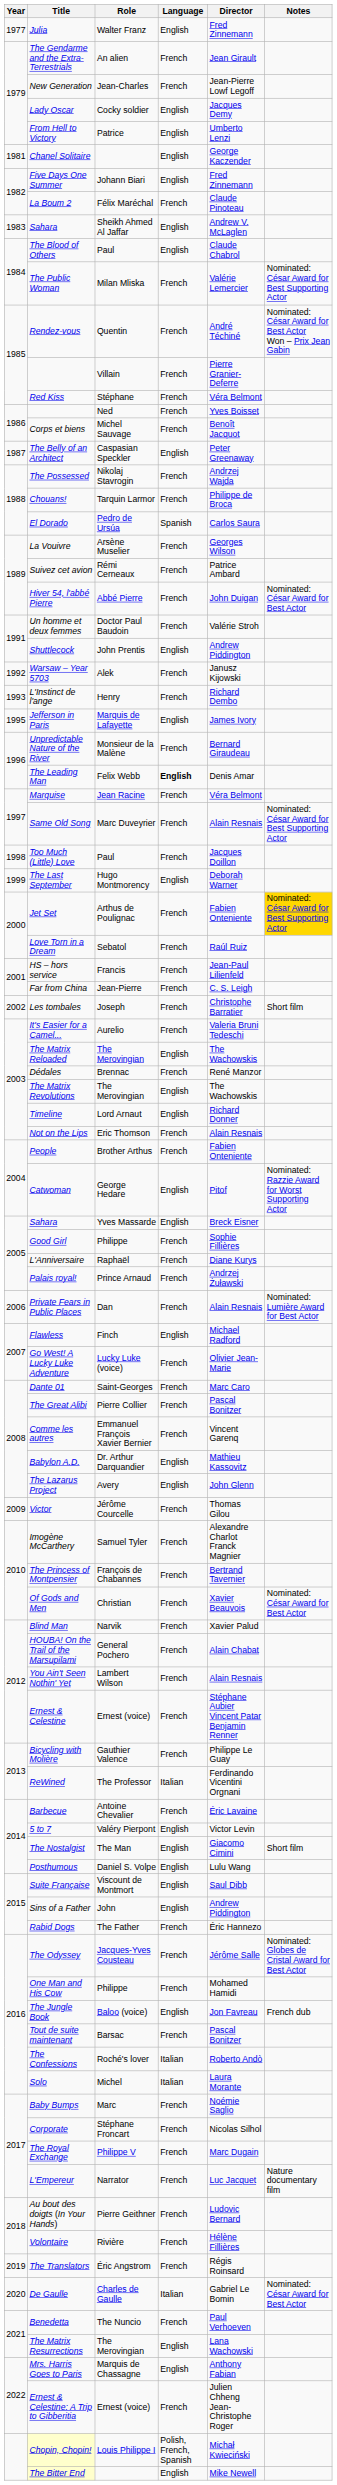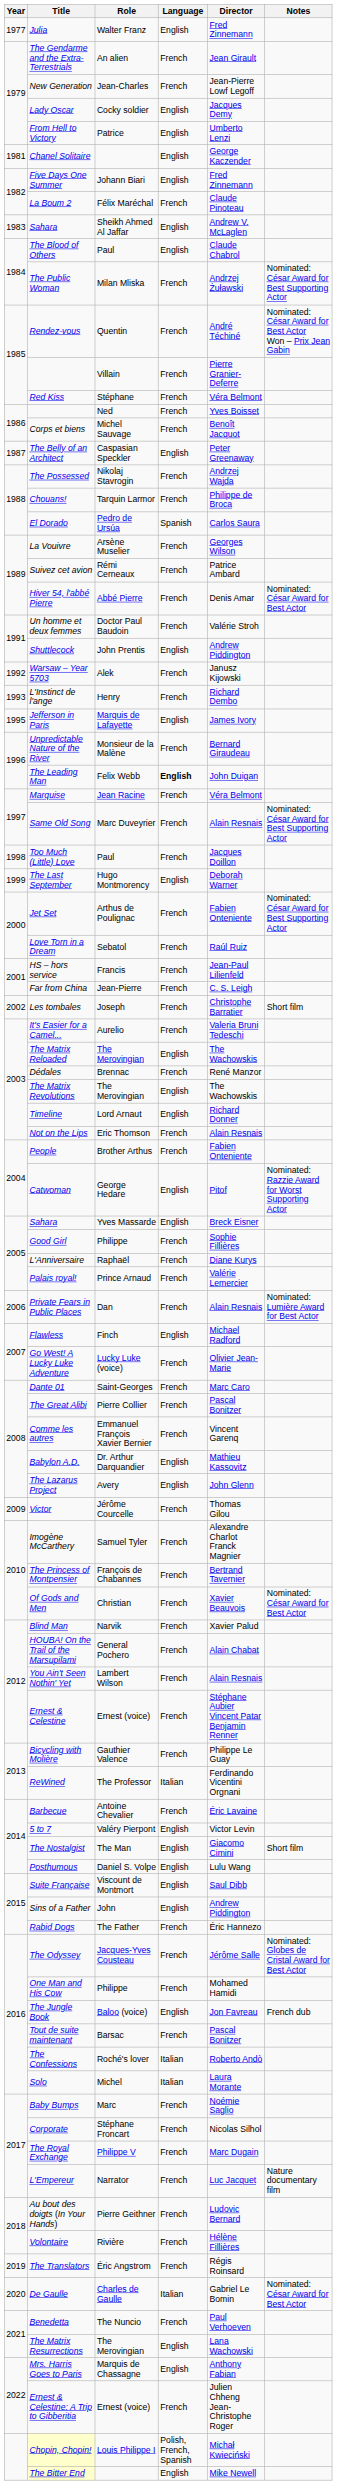 <table class="wikitable sortable">
 <tr>
 <th>Year</th>
 <th>Title</th>
 <th>Role</th>
 <th>Language</th>
 <th>Director</th>
 <th class="unsortable">Notes</th>
 </tr>
 <tr>
 <td rowspan=1>1977</td>
 <td><em><a href='#'>Julia</a></em></td>
 <td>Walter Franz</td>
 <td>English</td>
 <td><a href='#'>Fred Zinnemann</a></td>
 <td></td>
 </tr>
 <tr>
 <td rowspan=4>1979</td>
 <td><em><a href='#'>The Gendarme and the Extra-Terrestrials</a></em></td>
 <td>An alien</td>
 <td>French</td>
 <td><a href='#'>Jean Girault</a></td>
 <td></td>
 </tr>
 <tr>
 <td><em>New Generation</em></td>
 <td>Jean-Charles</td>
 <td>French</td>
 <td>Jean-Pierre Lowf Legoff</td>
 <td></td>
 </tr>
 <tr>
 <td><em><a href='#'>Lady Oscar</a></em></td>
 <td>Cocky soldier</td>
 <td>English</td>
 <td><a href='#'>Jacques Demy</a></td>
 <td></td>
 </tr>
 <tr>
 <td><em><a href='#'>From Hell to Victory</a></em></td>
 <td>Patrice</td>
 <td>English</td>
 <td><a href='#'>Umberto Lenzi</a></td>
 <td></td>
 </tr>
 <tr>
 <td>1981</td>
 <td><em><a href='#'>Chanel Solitaire</a></em></td>
 <td></td>
 <td>English</td>
 <td><a href='#'>George Kaczender</a></td>
 <td></td>
 </tr>
 <tr>
 <td rowspan=2>1982</td>
 <td><em><a href='#'>Five Days One Summer</a></em></td>
 <td>Johann Biari</td>
 <td>English</td>
 <td><a href='#'>Fred Zinnemann</a></td>
 <td></td>
 </tr>
 <tr>
 <td><em><a href='#'>La Boum 2</a></em></td>
 <td>Félix Maréchal</td>
 <td>French</td>
 <td><a href='#'>Claude Pinoteau</a></td>
 <td></td>
 </tr>
 <tr>
 <td>1983</td>
 <td><em><a href='#'>Sahara</a></em></td>
 <td>Sheikh Ahmed Al Jaffar</td>
 <td>English</td>
 <td><a href='#'>Andrew V. McLaglen</a></td>
 <td></td>
 </tr>
 <tr>
 <td rowspan=2>1984</td>
 <td><em><a href='#'>The Blood of Others</a></em></td>
 <td>Paul</td>
 <td>English</td>
 <td><a href='#'>Claude Chabrol</a></td>
 <td></td>
 </tr>
 <tr>
 <td><em><a href='#'>The Public Woman</a></em></td>
 <td>Milan Mliska</td>
 <td>French</td>
-<td><a href='#'>Valérie Lemercier</a></td>
+<td><a href='#'>Andrzej Żuławski</a></td>
 <td>Nominated: <a href='#'>César Award for Best Supporting Actor</a></td>
 </tr>
 <tr>
 <td rowspan=3>1985</td>
 <td><em><a href='#'>Rendez-vous</a></em></td>
 <td>Quentin</td>
 <td>French</td>
 <td><a href='#'>André Téchiné</a></td>
 <td>Nominated: <a href='#'>César Award for Best Actor</a><br>Won – <a href='#'>Prix Jean Gabin</a></td>
 </tr>
 <tr>
 <td><em></em></td>
 <td>Villain</td>
 <td>French</td>
 <td><a href='#'>Pierre Granier-Deferre</a></td>
 <td></td>
 </tr>
 <tr>
 <td><em><a href='#'>Red Kiss</a></em></td>
 <td>Stéphane</td>
 <td>French</td>
 <td><a href='#'>Véra Belmont</a></td>
 <td></td>
 </tr>
 <tr>
 <td rowspan=2>1986</td>
 <td><em></em></td>
 <td>Ned</td>
 <td>French</td>
 <td><a href='#'>Yves Boisset</a></td>
 <td></td>
 </tr>
 <tr>
 <td><em>Corps et biens</em></td>
 <td>Michel Sauvage</td>
 <td>French</td>
 <td><a href='#'>Benoît Jacquot</a></td>
 <td></td>
 </tr>
 <tr>
 <td rowspan=1>1987</td>
 <td><em><a href='#'>The Belly of an Architect</a></em></td>
 <td>Caspasian Speckler</td>
 <td>English</td>
 <td><a href='#'>Peter Greenaway</a></td>
 <td></td>
 </tr>
 <tr>
 <td rowspan=3>1988</td>
 <td><em><a href='#'>The Possessed</a></em></td>
 <td>Nikolaj Stavrogin</td>
 <td>French</td>
 <td><a href='#'>Andrzej Wajda</a></td>
 <td></td>
 </tr>
 <tr>
 <td><em><a href='#'>Chouans!</a></em></td>
 <td>Tarquin Larmor</td>
 <td>French</td>
 <td><a href='#'>Philippe de Broca</a></td>
 <td></td>
 </tr>
 <tr>
 <td><em><a href='#'>El Dorado</a></em></td>
 <td><a href='#'>Pedro de Ursúa</a></td>
 <td>Spanish</td>
 <td><a href='#'>Carlos Saura</a></td>
 <td></td>
 </tr>
 <tr>
 <td rowspan=3>1989</td>
 <td><em>La Vouivre</em></td>
 <td>Arsène Muselier</td>
 <td>French</td>
 <td><a href='#'>Georges Wilson</a></td>
 <td></td>
 </tr>
 <tr>
 <td><em>Suivez cet avion</em></td>
 <td>Rémi Cerneaux</td>
 <td>French</td>
 <td>Patrice Ambard</td>
 <td></td>
 </tr>
 <tr>
 <td><em><a href='#'>Hiver 54, l'abbé Pierre</a></em></td>
 <td><a href='#'>Abbé Pierre</a></td>
 <td>French</td>
-<td><a href='#'>John Duigan</a></td>
+<td>Denis Amar</td>
 <td>Nominated: <a href='#'>César Award for Best Actor</a></td>
 </tr>
 <tr>
 <td rowspan=2>1991</td>
 <td><em>Un homme et deux femmes</em></td>
 <td>Doctor Paul Baudoin</td>
 <td>French</td>
 <td>Valérie Stroh</td>
 <td></td>
 </tr>
 <tr>
 <td><em><a href='#'>Shuttlecock</a></em></td>
 <td>John Prentis</td>
 <td>English</td>
 <td><a href='#'>Andrew Piddington</a></td>
 <td></td>
 </tr>
 <tr>
 <td>1992</td>
 <td><em><a href='#'>Warsaw – Year 5703</a></em></td>
 <td>Alek</td>
 <td>French</td>
 <td>Janusz Kijowski</td>
 <td></td>
 </tr>
 <tr>
 <td rowspan=1>1993</td>
 <td><em>L'Instinct de l'ange</em></td>
 <td>Henry</td>
 <td>French</td>
 <td><a href='#'>Richard Dembo</a></td>
 <td></td>
 </tr>
 <tr>
 <td>1995</td>
 <td><em><a href='#'>Jefferson in Paris</a></em></td>
 <td><a href='#'>Marquis de Lafayette</a></td>
 <td>English</td>
 <td><a href='#'>James Ivory</a></td>
 <td></td>
 </tr>
 <tr>
 <td rowspan=2>1996</td>
 <td><em><a href='#'>Unpredictable Nature of the River</a></em></td>
 <td>Monsieur de la Malène</td>
 <td>French</td>
 <td><a href='#'>Bernard Giraudeau</a></td>
 <td></td>
 </tr>
 <tr>
 <td><em><a href='#'>The Leading Man</a></em></td>
 <td>Felix Webb</td>
 <td><strong>English</strong></td>
-<td>Denis Amar</td>
+<td><a href='#'>John Duigan</a></td>
 <td></td>
 </tr>
 <tr>
 <td rowspan=2>1997</td>
 <td><em><a href='#'>Marquise</a></em></td>
 <td><a href='#'>Jean Racine</a></td>
 <td>French</td>
 <td><a href='#'>Véra Belmont</a></td>
 <td></td>
 </tr>
 <tr>
 <td><em><a href='#'>Same Old Song</a></em></td>
 <td>Marc Duveyrier</td>
 <td>French</td>
 <td><a href='#'>Alain Resnais</a></td>
 <td>Nominated: <a href='#'>César Award for Best Supporting Actor</a></td>
 </tr>
 <tr>
 <td rowspan=1>1998</td>
 <td><em><a href='#'>Too Much (Little) Love</a></em></td>
 <td>Paul</td>
 <td>French</td>
 <td><a href='#'>Jacques Doillon</a></td>
 <td></td>
 </tr>
 <tr>
 <td rowspan=1>1999</td>
 <td><em><a href='#'>The Last September</a></em></td>
 <td>Hugo Montmorency</td>
 <td>English</td>
 <td><a href='#'>Deborah Warner</a></td>
 <td></td>
 </tr>
 <tr>
 <td rowspan=2>2000</td>
 <td><em><a href='#'>Jet Set</a></em></td>
 <td>Arthus de Poulignac</td>
 <td>French</td>
 <td><a href='#'>Fabien Onteniente</a></td>
-<td style="background: gold;">Nominated: <a href='#'>César Award for Best Supporting Actor</a></td>
+<td>Nominated: <a href='#'>César Award for Best Supporting Actor</a></td>
 </tr>
 <tr>
 <td><em><a href='#'>Love Torn in a Dream</a></em></td>
 <td>Sebatol</td>
 <td>French</td>
 <td><a href='#'>Raúl Ruiz</a></td>
 <td></td>
 </tr>
 <tr>
 <td rowspan=2>2001</td>
 <td><em>HS – hors service</em></td>
 <td>Francis</td>
 <td>French</td>
 <td><a href='#'>Jean-Paul Lilienfeld</a></td>
 <td></td>
 </tr>
 <tr>
 <td><em>Far from China</em></td>
 <td>Jean-Pierre</td>
 <td>French</td>
 <td><a href='#'>C. S. Leigh</a></td>
 <td></td>
 </tr>
 <tr>
 <td rowspan=1>2002</td>
 <td><em>Les tombales</em></td>
 <td>Joseph</td>
 <td>French</td>
 <td><a href='#'>Christophe Barratier</a></td>
 <td>Short film</td>
 </tr>
 <tr>
 <td rowspan=6>2003</td>
 <td><em><a href='#'>It's Easier for a Camel...</a></em></td>
 <td>Aurelio</td>
 <td>French</td>
 <td><a href='#'>Valeria Bruni Tedeschi</a></td>
 <td></td>
 </tr>
 <tr>
 <td><em><a href='#'>The Matrix Reloaded</a></em></td>
 <td><a href='#'>The Merovingian</a></td>
 <td>English</td>
 <td><a href='#'>The Wachowskis</a></td>
 <td></td>
 </tr>
 <tr>
 <td><em>Dédales</em></td>
 <td>Brennac</td>
 <td>French</td>
 <td>René Manzor</td>
 <td></td>
 </tr>
 <tr>
 <td><em><a href='#'>The Matrix Revolutions</a></em></td>
 <td>The Merovingian</td>
 <td>English</td>
 <td>The Wachowskis</td>
 <td></td>
 </tr>
 <tr>
 <td><em><a href='#'>Timeline</a></em></td>
 <td>Lord Arnaut</td>
 <td>English</td>
 <td><a href='#'>Richard Donner</a></td>
 <td></td>
 </tr>
 <tr>
 <td><em><a href='#'>Not on the Lips</a></em></td>
 <td>Eric Thomson</td>
 <td>French</td>
 <td><a href='#'>Alain Resnais</a></td>
 <td></td>
 </tr>
 <tr>
 <td rowspan=2>2004</td>
 <td><em><a href='#'>People</a></em></td>
 <td>Brother Arthus</td>
 <td>French</td>
 <td><a href='#'>Fabien Onteniente</a></td>
 <td></td>
 </tr>
 <tr>
 <td><em><a href='#'>Catwoman</a></em></td>
 <td>George Hedare</td>
 <td>English</td>
 <td><a href='#'>Pitof</a></td>
 <td>Nominated: <a href='#'>Razzie Award for Worst Supporting Actor</a></td>
 </tr>
 <tr>
 <td rowspan=4>2005</td>
 <td><em><a href='#'>Sahara</a></em></td>
 <td>Yves Massarde</td>
 <td>English</td>
 <td><a href='#'>Breck Eisner</a></td>
 <td></td>
 </tr>
 <tr>
 <td><em><a href='#'>Good Girl</a></em></td>
 <td>Philippe</td>
 <td>French</td>
 <td><a href='#'>Sophie Fillières</a></td>
 <td></td>
 </tr>
 <tr>
 <td><em>L'Anniversaire</em></td>
 <td>Raphaël</td>
 <td>French</td>
 <td><a href='#'>Diane Kurys</a></td>
 <td></td>
 </tr>
 <tr>
 <td><em><a href='#'>Palais royal!</a></em></td>
 <td>Prince Arnaud</td>
 <td>French</td>
-<td><a href='#'>Andrzej Żuławski</a></td>
+<td><a href='#'>Valérie Lemercier</a></td>
 <td></td>
 </tr>
 <tr>
 <td rowspan=1>2006</td>
 <td><em><a href='#'>Private Fears in Public Places</a></em></td>
 <td>Dan</td>
 <td>French</td>
 <td><a href='#'>Alain Resnais</a></td>
 <td>Nominated: <a href='#'>Lumière Award for Best Actor</a></td>
 </tr>
 <tr>
 <td rowspan=2>2007</td>
 <td><em><a href='#'>Flawless</a></em></td>
 <td>Finch</td>
 <td>English</td>
 <td><a href='#'>Michael Radford</a></td>
 <td></td>
 </tr>
 <tr>
 <td><em><a href='#'>Go West! A Lucky Luke Adventure</a></em></td>
 <td><a href='#'>Lucky Luke</a> (voice)</td>
 <td>French</td>
 <td><a href='#'>Olivier Jean-Marie</a></td>
 <td></td>
 </tr>
 <tr>
 <td rowspan=5>2008</td>
 <td><em><a href='#'>Dante 01</a></em></td>
 <td>Saint-Georges</td>
 <td>French</td>
 <td><a href='#'>Marc Caro</a></td>
 <td></td>
 </tr>
 <tr>
 <td><em><a href='#'>The Great Alibi</a></em></td>
 <td>Pierre Collier</td>
 <td>French</td>
 <td><a href='#'>Pascal Bonitzer</a></td>
 <td></td>
 </tr>
 <tr>
 <td><em><a href='#'>Comme les autres</a></em></td>
 <td>Emmanuel François Xavier Bernier</td>
 <td>French</td>
 <td>Vincent Garenq</td>
 <td></td>
 </tr>
 <tr>
 <td><em><a href='#'>Babylon A.D.</a></em></td>
 <td>Dr. Arthur Darquandier</td>
 <td>English</td>
 <td><a href='#'>Mathieu Kassovitz</a></td>
 <td></td>
 </tr>
 <tr>
 <td><em><a href='#'>The Lazarus Project</a></em></td>
 <td>Avery</td>
 <td>English</td>
 <td><a href='#'>John Glenn</a></td>
 <td></td>
 </tr>
 <tr>
 <td>2009</td>
 <td><em><a href='#'>Victor</a></em></td>
 <td>Jérôme Courcelle</td>
 <td>French</td>
 <td>Thomas Gilou</td>
 <td></td>
 </tr>
 <tr>
 <td rowspan=3>2010</td>
 <td><em>Imogène McCarthery</em></td>
 <td>Samuel Tyler</td>
 <td>French</td>
 <td>Alexandre Charlot<br>Franck Magnier</td>
 <td></td>
 </tr>
 <tr>
 <td><em><a href='#'>The Princess of Montpensier</a></em></td>
 <td>François de Chabannes</td>
 <td>French</td>
 <td><a href='#'>Bertrand Tavernier</a></td>
 <td></td>
 </tr>
 <tr>
 <td><em><a href='#'>Of Gods and Men</a></em></td>
 <td>Christian</td>
 <td>French</td>
 <td><a href='#'>Xavier Beauvois</a></td>
 <td>Nominated: <a href='#'>César Award for Best Actor</a></td>
 </tr>
 <tr>
 <td rowspan=4>2012</td>
 <td><em><a href='#'>Blind Man</a></em></td>
 <td>Narvik</td>
 <td>French</td>
 <td>Xavier Palud</td>
 <td></td>
 </tr>
 <tr>
 <td><em><a href='#'>HOUBA! On the Trail of the Marsupilami</a></em></td>
 <td>General Pochero</td>
 <td>French</td>
 <td><a href='#'>Alain Chabat</a></td>
 <td></td>
 </tr>
 <tr>
 <td><em><a href='#'>You Ain't Seen Nothin' Yet</a></em></td>
 <td>Lambert Wilson</td>
 <td>French</td>
 <td><a href='#'>Alain Resnais</a></td>
 <td></td>
 </tr>
 <tr>
 <td><em><a href='#'>Ernest & Celestine</a></em></td>
 <td>Ernest (voice)</td>
 <td>French</td>
 <td><a href='#'>Stéphane Aubier</a><br><a href='#'>Vincent Patar</a><br><a href='#'>Benjamin Renner</a></td>
 <td></td>
 </tr>
 <tr>
 <td rowspan=2>2013</td>
 <td><em><a href='#'>Bicycling with Molière</a></em></td>
 <td>Gauthier Valence</td>
 <td>French</td>
 <td>Philippe Le Guay</td>
 <td></td>
 </tr>
 <tr>
 <td><em><a href='#'>ReWined</a></em></td>
 <td>The Professor</td>
 <td>Italian</td>
 <td>Ferdinando Vicentini Orgnani</td>
 <td></td>
 </tr>
 <tr>
 <td rowspan=4>2014</td>
 <td><em><a href='#'>Barbecue</a></em></td>
 <td>Antoine Chevalier</td>
 <td>French</td>
 <td><a href='#'>Éric Lavaine</a></td>
 <td></td>
 </tr>
 <tr>
 <td><em><a href='#'>5 to 7</a></em></td>
 <td>Valéry Pierpont</td>
 <td>English</td>
 <td>Victor Levin</td>
 <td></td>
 </tr>
 <tr>
 <td><em><a href='#'>The Nostalgist</a></em></td>
 <td>The Man</td>
 <td>English</td>
 <td><a href='#'>Giacomo Cimini</a></td>
 <td>Short film</td>
 </tr>
 <tr>
 <td><em><a href='#'>Posthumous</a></em></td>
 <td>Daniel S. Volpe</td>
 <td>English</td>
 <td>Lulu Wang</td>
 <td></td>
 </tr>
 <tr>
 <td rowspan=3>2015</td>
 <td><em><a href='#'>Suite Française</a></em></td>
 <td>Viscount de Montmort</td>
 <td>English</td>
 <td><a href='#'>Saul Dibb</a></td>
 <td></td>
 </tr>
 <tr>
 <td><em>Sins of a Father</em></td>
 <td>John</td>
 <td>English</td>
 <td><a href='#'>Andrew Piddington</a></td>
 <td></td>
 </tr>
 <tr>
 <td><em><a href='#'>Rabid Dogs</a></em></td>
 <td>The Father</td>
 <td>French</td>
 <td>Éric Hannezo</td>
 <td></td>
 </tr>
 <tr>
 <td rowspan=6>2016</td>
 <td><em><a href='#'>The Odyssey</a></em></td>
 <td><a href='#'>Jacques-Yves Cousteau</a></td>
 <td>French</td>
 <td><a href='#'>Jérôme Salle</a></td>
 <td>Nominated: <a href='#'>Globes de Cristal Award for Best Actor</a></td>
 </tr>
 <tr>
 <td><em><a href='#'>One Man and His Cow</a></em></td>
 <td>Philippe</td>
 <td>French</td>
 <td>Mohamed Hamidi</td>
 <td></td>
 </tr>
 <tr>
 <td><em><a href='#'>The Jungle Book</a></em></td>
 <td><a href='#'>Baloo</a> (voice)</td>
 <td>English</td>
 <td><a href='#'>Jon Favreau</a></td>
 <td>French dub</td>
 </tr>
 <tr>
 <td><em><a href='#'>Tout de suite maintenant</a></em></td>
 <td>Barsac</td>
 <td>French</td>
 <td><a href='#'>Pascal Bonitzer</a></td>
 <td></td>
 </tr>
 <tr>
 <td><em><a href='#'>The Confessions</a></em></td>
 <td>Roché's lover</td>
 <td>Italian</td>
 <td><a href='#'>Roberto Andò</a></td>
 <td></td>
 </tr>
 <tr>
 <td><em><a href='#'>Solo</a></em></td>
 <td>Michel</td>
 <td>Italian</td>
 <td><a href='#'>Laura Morante</a></td>
 <td></td>
 </tr>
 <tr>
 <td rowspan=4>2017</td>
 <td><em><a href='#'>Baby Bumps</a></em></td>
 <td>Marc</td>
 <td>French</td>
 <td><a href='#'>Noémie Saglio</a></td>
 <td></td>
 </tr>
 <tr>
 <td><em><a href='#'>Corporate</a></em></td>
 <td>Stéphane Froncart</td>
 <td>French</td>
 <td>Nicolas Silhol</td>
 <td></td>
 </tr>
 <tr>
 <td><em><a href='#'>The Royal Exchange</a></em></td>
 <td><a href='#'>Philippe V</a></td>
 <td>French</td>
 <td><a href='#'>Marc Dugain</a></td>
 <td></td>
 </tr>
 <tr>
 <td><em><a href='#'>L'Empereur</a></em></td>
 <td>Narrator</td>
 <td>French</td>
 <td><a href='#'>Luc Jacquet</a></td>
 <td>Nature documentary film</td>
 </tr>
 <tr>
 <td rowspan=2>2018</td>
 <td><em>Au bout des doigts</em> (<em>In Your Hands</em>)</td>
 <td>Pierre Geithner</td>
 <td>French</td>
 <td><a href='#'>Ludovic Bernard</a></td>
 <td></td>
 </tr>
 <tr>
 <td><em><a href='#'>Volontaire</a></em></td>
 <td>Rivière</td>
 <td>French</td>
 <td><a href='#'>Hélène Fillières</a></td>
 <td></td>
 </tr>
 <tr>
 <td>2019</td>
 <td><em><a href='#'>The Translators</a></em></td>
 <td>Éric Angstrom</td>
 <td>French</td>
 <td>Régis Roinsard</td>
 <td></td>
 </tr>
 <tr>
 <td>2020</td>
 <td><em><a href='#'>De Gaulle</a></em></td>
 <td><a href='#'>Charles de Gaulle</a></td>
 <td>Italian</td>
 <td>Gabriel Le Bomin</td>
 <td>Nominated: <a href='#'>César Award for Best Actor</a></td>
 </tr>
 <tr>
 <td rowspan="2">2021</td>
 <td><em><a href='#'>Benedetta</a></em></td>
 <td>The Nuncio</td>
 <td>French</td>
 <td><a href='#'>Paul Verhoeven</a></td>
 <td></td>
 </tr>
 <tr>
 <td><em><a href='#'>The Matrix Resurrections</a></em></td>
 <td>The Merovingian</td>
 <td>English</td>
 <td><a href='#'>Lana Wachowski</a></td>
 <td></td>
 </tr>
 <tr>
 <td rowspan="2">2022</td>
 <td><em><a href='#'>Mrs. Harris Goes to Paris</a></em></td>
 <td>Marquis de Chassagne</td>
 <td>English</td>
 <td><a href='#'>Anthony Fabian</a></td>
 <td></td>
 </tr>
 <tr>
 <td><em><a href='#'>Ernest & Celestine: A Trip to Gibberitia</a></em></td>
 <td>Ernest (voice)</td>
 <td>French</td>
 <td>Julien Chheng<br>Jean-Christophe Roger</td>
 <td></td>
 </tr>
 <tr>
 <td rowspan="2"></td>
 <td style="background:#FFFFCC;"><em><a href='#'>Chopin, Chopin!</a></em> </td>
 <td><a href='#'>Louis Philippe I</a></td>
 <td>Polish, French, Spanish</td>
 <td><a href='#'>Michał Kwieciński</a></td>
 <td></td>
 </tr>
 <tr>
 <td style="background:#FFFFCC;"><em><a href='#'>The Bitter End</a></em> </td>
 <td></td>
 <td>English</td>
 <td><a href='#'>Mike Newell</a></td>
 <td></td>
 </tr>
 </table>
